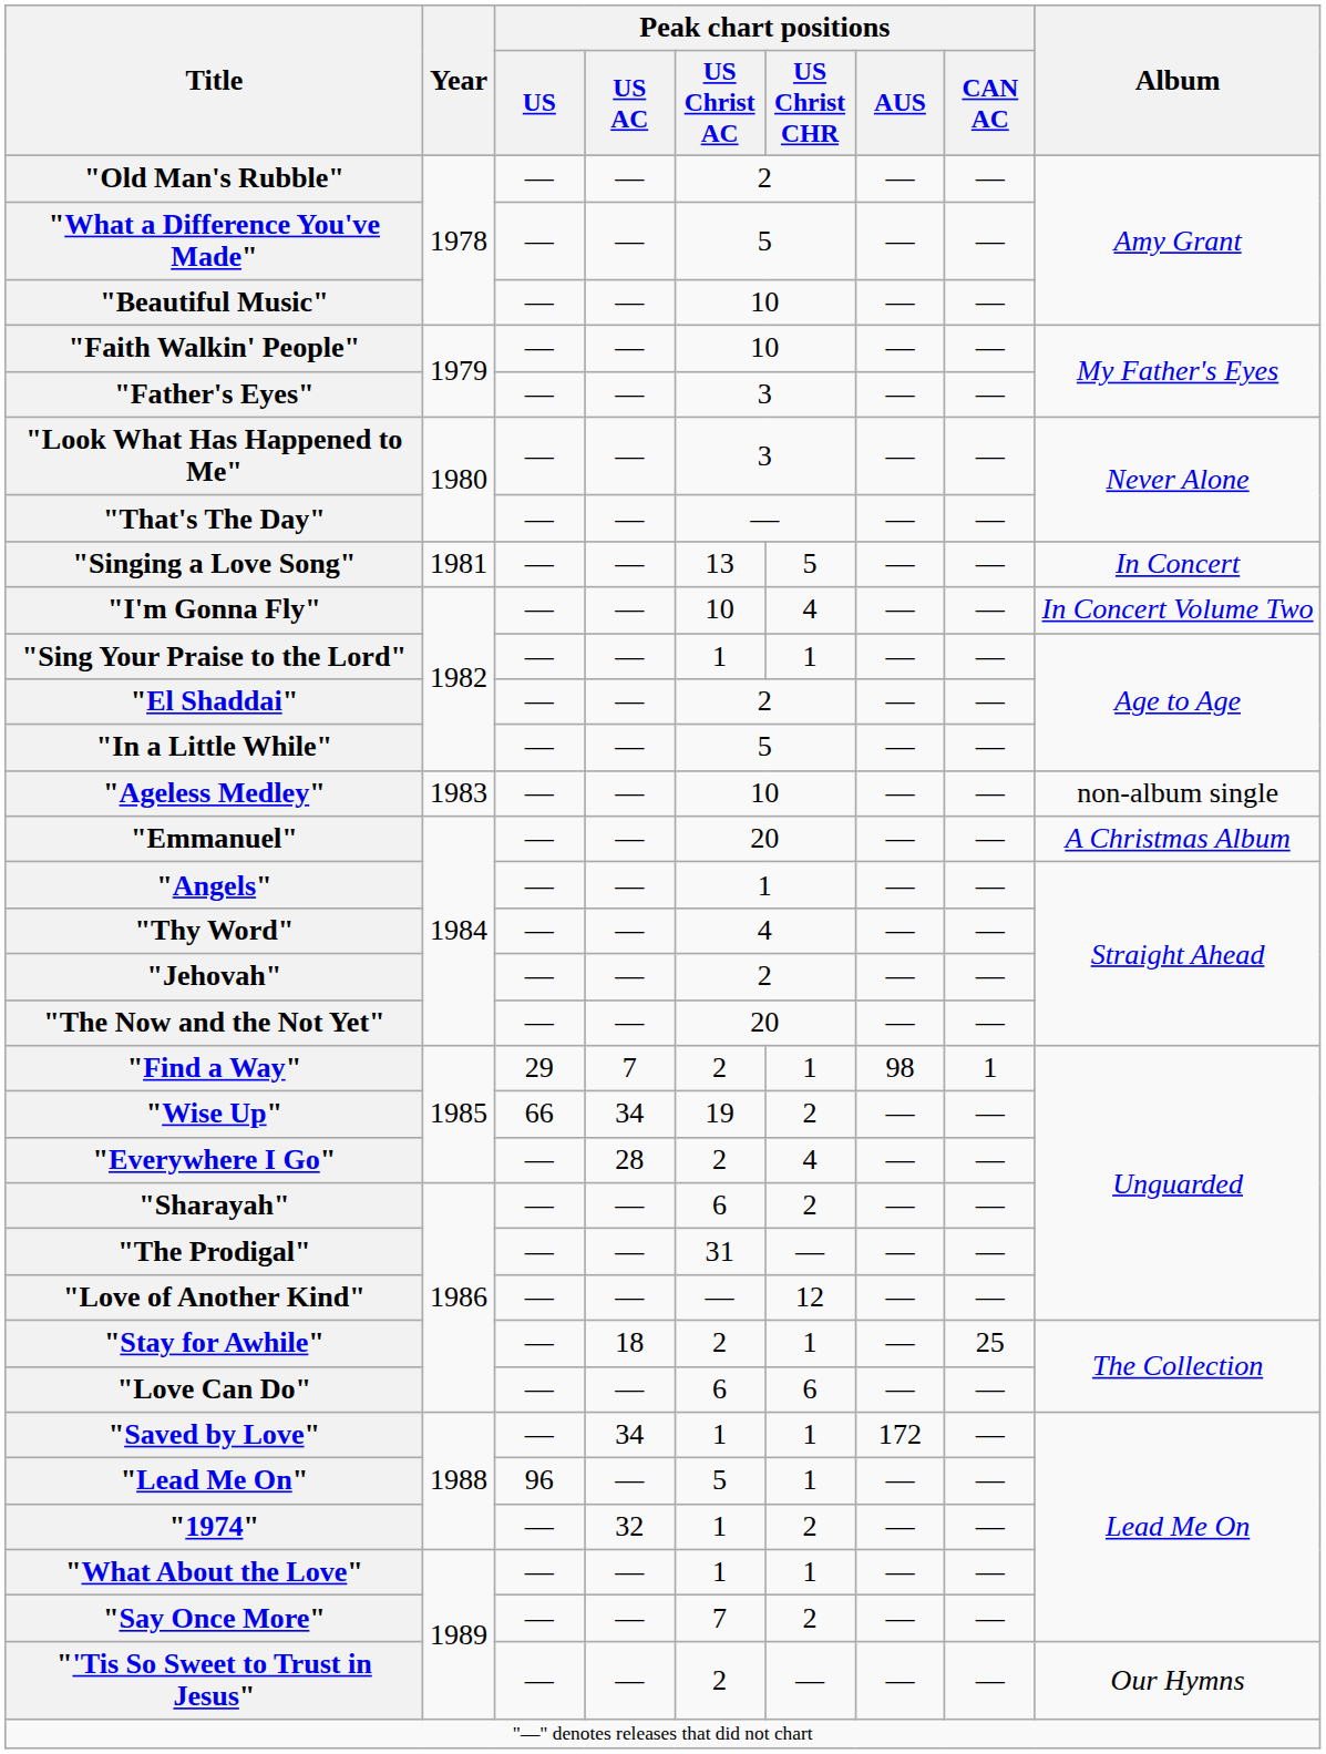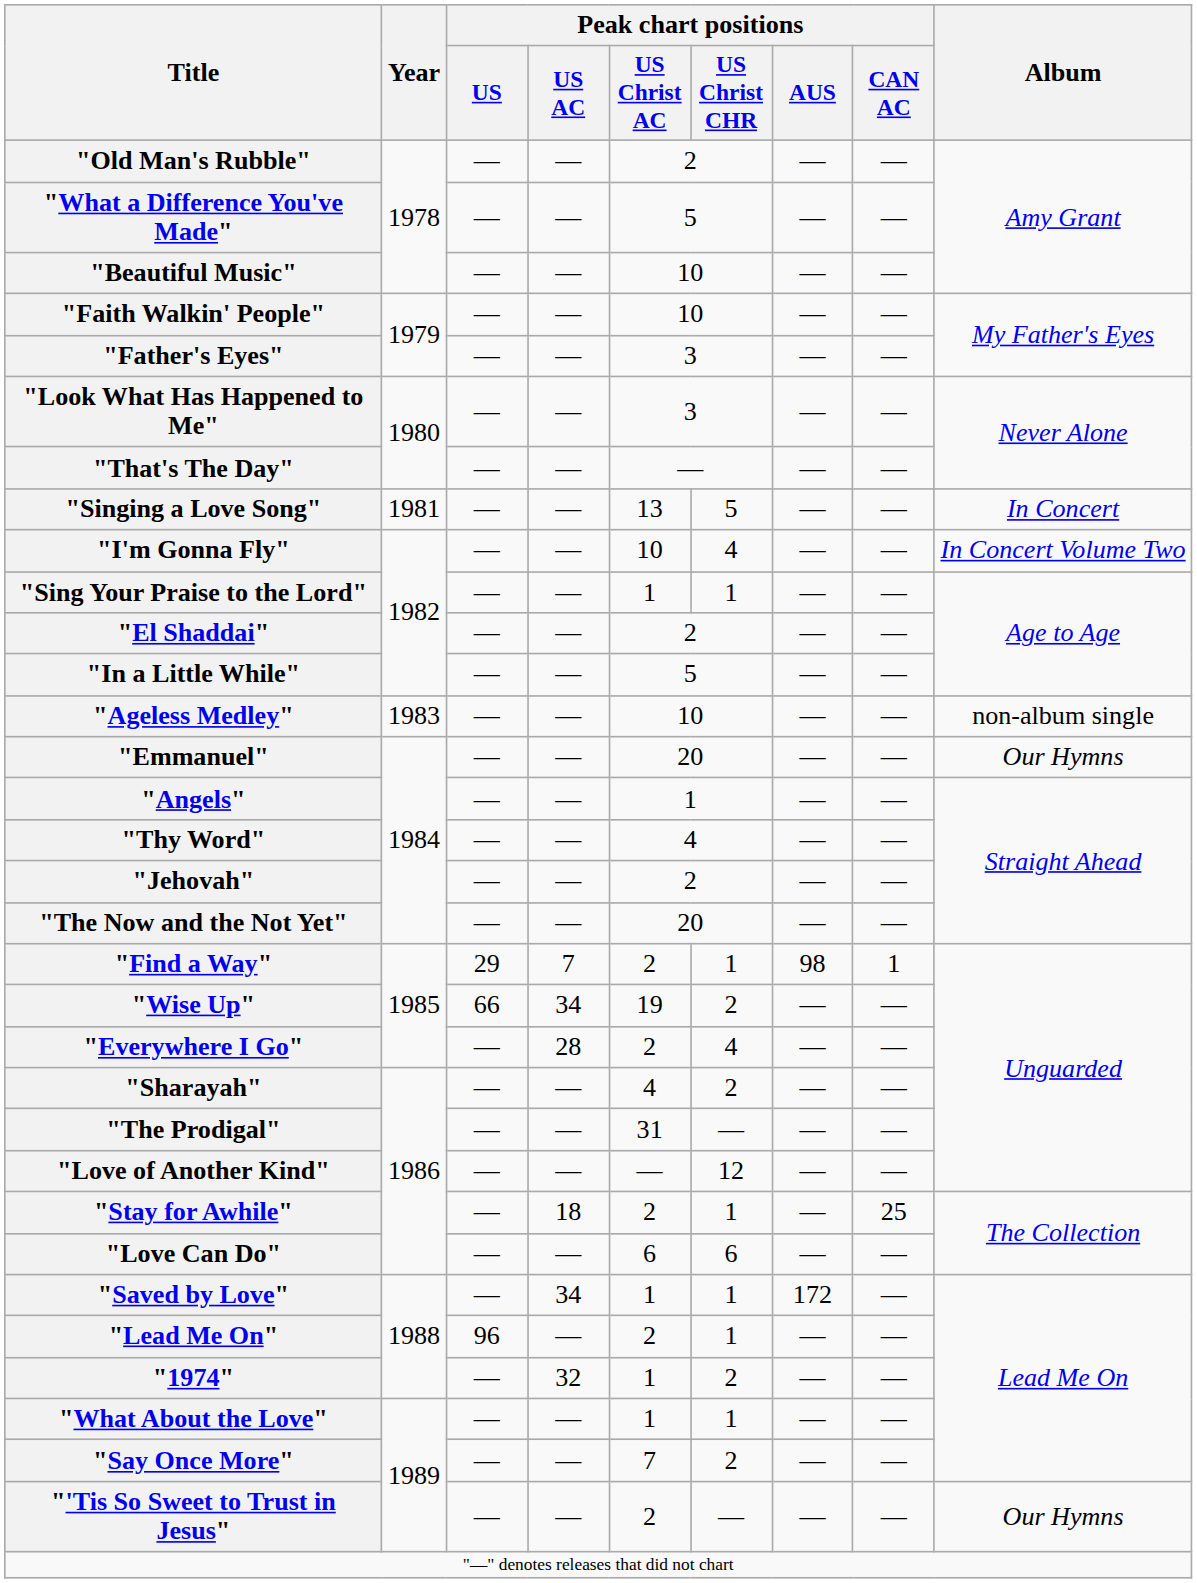 <table class="wikitable plainrowheaders" style="text-align:center;">
 <tr>
 <th scope="col" rowspan="2" style="width:14em;">Title</th>
 <th scope="col" rowspan="2" style="width:1em;">Year</th>
 <th scope="col" colspan="6">Peak chart positions</th>
 <th scope="col" rowspan="2">Album</th>
 </tr>
 <tr>
 <th style="width:3em; font-size:90%"><a href='#'>US</a><br></th>
 <th style="width:3em; font-size:90%"><a href='#'>US<br>AC</a><br></th>
 <th style="width:3em; font-size:90%"><a href='#'>US<br>Christ AC</a><br></th>
 <th style="width:3em; font-size:90%"><a href='#'>US<br>Christ CHR</a><br></th>
 <th style="width:3em; font-size:90%"><a href='#'>AUS</a><br></th>
 <th style="width:3em; font-size:90%"><a href='#'>CAN<br>AC</a><br></th>
 </tr>
 <tr>
 <th scope="row">"Old Man's Rubble"</th>
 <td rowspan="3">1978</td>
 <td>—</td>
 <td>—</td>
 <td colspan="2">2</td>
 <td>—</td>
 <td>—</td>
 <td rowspan="3"><em><a href='#'>Amy Grant</a></em></td>
 </tr>
 <tr>
 <th scope="row">"<a href='#'>What a Difference You've Made</a>"</th>
 <td>—</td>
 <td>—</td>
 <td colspan="2">5</td>
 <td>—</td>
 <td>—</td>
 </tr>
 <tr>
 <th scope="row">"Beautiful Music"</th>
 <td>—</td>
 <td>—</td>
 <td colspan="2">10</td>
 <td>—</td>
 <td>—</td>
 </tr>
 <tr>
 <th scope="row">"Faith Walkin' People"</th>
 <td rowspan="2">1979</td>
 <td>—</td>
 <td>—</td>
 <td colspan="2">10</td>
 <td>—</td>
 <td>—</td>
 <td rowspan="2"><em><a href='#'>My Father's Eyes</a></em></td>
 </tr>
 <tr>
 <th scope="row">"Father's Eyes"</th>
 <td>—</td>
 <td>—</td>
 <td colspan="2">3</td>
 <td>—</td>
 <td>—</td>
 </tr>
 <tr>
 <th scope="row">"Look What Has Happened to Me"</th>
 <td rowspan="2">1980</td>
 <td>—</td>
 <td>—</td>
 <td colspan="2">3</td>
 <td>—</td>
 <td>—</td>
 <td rowspan="2"><em><a href='#'>Never Alone</a></em></td>
 </tr>
 <tr>
 <th scope="row">"That's The Day"</th>
 <td>—</td>
 <td>—</td>
 <td colspan="2">—</td>
 <td>—</td>
 <td>—</td>
 </tr>
 <tr>
 <th scope="row">"Singing a Love Song"</th>
 <td>1981</td>
 <td>—</td>
 <td>—</td>
 <td>13</td>
 <td>5</td>
 <td>—</td>
 <td>—</td>
 <td><em><a href='#'>In Concert</a></em></td>
 </tr>
 <tr>
 <th scope="row">"I'm Gonna Fly"</th>
 <td rowspan="4">1982</td>
 <td>—</td>
 <td>—</td>
 <td>10</td>
 <td>4</td>
 <td>—</td>
 <td>—</td>
 <td><em><a href='#'>In Concert Volume Two</a></em></td>
 </tr>
 <tr>
 <th scope="row">"Sing Your Praise to the Lord"</th>
 <td>—</td>
 <td>—</td>
 <td>1</td>
 <td>1</td>
 <td>—</td>
 <td>—</td>
 <td rowspan="3"><em><a href='#'>Age to Age</a></em></td>
 </tr>
 <tr>
 <th scope="row">"<a href='#'>El Shaddai</a>"</th>
 <td>—</td>
 <td>—</td>
 <td colspan="2">2</td>
 <td>—</td>
 <td>—</td>
 </tr>
 <tr>
 <th scope="row">"In a Little While"</th>
 <td>—</td>
 <td>—</td>
 <td colspan="2">5</td>
 <td>—</td>
 <td>—</td>
 </tr>
 <tr>
 <th scope="row">"<a href='#'>Ageless Medley</a>"</th>
 <td>1983</td>
 <td>—</td>
 <td>—</td>
 <td colspan="2">10</td>
 <td>—</td>
 <td>—</td>
 <td>non-album single</td>
 </tr>
 <tr>
 <th scope="row">"Emmanuel"</th>
 <td rowspan="5">1984</td>
 <td>—</td>
 <td>—</td>
 <td colspan="2">20</td>
 <td>—</td>
 <td>—</td>
-<td><em><a href='#'>A Christmas Album</a></em></td>
+<td><em>Our Hymns</em></td>
 </tr>
 <tr>
 <th scope="row">"<a href='#'>Angels</a>"</th>
 <td>—</td>
 <td>—</td>
 <td colspan="2">1</td>
 <td>—</td>
 <td>—</td>
 <td rowspan="4"><em><a href='#'>Straight Ahead</a></em></td>
 </tr>
 <tr>
 <th scope="row">"Thy Word"</th>
 <td>—</td>
 <td>—</td>
 <td colspan="2">4</td>
 <td>—</td>
 <td>—</td>
 </tr>
 <tr>
 <th scope="row">"Jehovah"</th>
 <td>—</td>
 <td>—</td>
 <td colspan="2">2</td>
 <td>—</td>
 <td>—</td>
 </tr>
 <tr>
 <th scope="row">"The Now and the Not Yet"</th>
 <td>—</td>
 <td>—</td>
 <td colspan="2">20</td>
 <td>—</td>
 <td>—</td>
 </tr>
 <tr>
 <th scope="row">"<a href='#'>Find a Way</a>"</th>
 <td rowspan="3">1985</td>
 <td>29</td>
 <td>7</td>
 <td>2</td>
 <td>1</td>
 <td>98</td>
 <td>1</td>
 <td rowspan="6"><em><a href='#'>Unguarded</a></em></td>
 </tr>
 <tr>
 <th scope="row">"<a href='#'>Wise Up</a>"</th>
 <td>66</td>
 <td>34</td>
 <td>19</td>
 <td>2</td>
 <td>—</td>
 <td>—</td>
 </tr>
 <tr>
 <th scope="row">"<a href='#'>Everywhere I Go</a>"</th>
 <td>—</td>
 <td>28</td>
 <td>2</td>
 <td>4</td>
 <td>—</td>
 <td>—</td>
 </tr>
 <tr>
 <th scope="row">"Sharayah"</th>
 <td rowspan="5">1986</td>
 <td>—</td>
 <td>—</td>
-<td>6</td>
+<td>4</td>
 <td>2</td>
 <td>—</td>
 <td>—</td>
 </tr>
 <tr>
 <th scope="row">"The Prodigal"</th>
 <td>—</td>
 <td>—</td>
 <td>31</td>
 <td>—</td>
 <td>—</td>
 <td>—</td>
 </tr>
 <tr>
 <th scope="row">"Love of Another Kind"</th>
 <td>—</td>
 <td>—</td>
 <td>—</td>
 <td>12</td>
 <td>—</td>
 <td>—</td>
 </tr>
 <tr>
 <th scope="row">"<a href='#'>Stay for Awhile</a>"</th>
 <td>—</td>
 <td>18</td>
 <td>2</td>
 <td>1</td>
 <td>—</td>
 <td>25</td>
 <td rowspan="2"><em><a href='#'>The Collection</a></em></td>
 </tr>
 <tr>
 <th scope="row">"Love Can Do"</th>
 <td>—</td>
 <td>—</td>
 <td>6</td>
 <td>6</td>
 <td>—</td>
 <td>—</td>
 </tr>
 <tr>
 <th scope="row">"<a href='#'>Saved by Love</a>"</th>
 <td rowspan="3">1988</td>
 <td>—</td>
 <td>34</td>
 <td>1</td>
 <td>1</td>
 <td>172</td>
 <td>—</td>
 <td rowspan="5"><em><a href='#'>Lead Me On</a></em></td>
 </tr>
 <tr>
 <th scope="row">"<a href='#'>Lead Me On</a>"</th>
 <td>96</td>
 <td>—</td>
-<td>5</td>
+<td>2</td>
 <td>1</td>
 <td>—</td>
 <td>—</td>
 </tr>
 <tr>
 <th scope="row">"<a href='#'>1974</a>"</th>
 <td>—</td>
 <td>32</td>
 <td>1</td>
 <td>2</td>
 <td>—</td>
 <td>—</td>
 </tr>
 <tr>
 <th scope="row">"<a href='#'>What About the Love</a>"</th>
 <td rowspan="3">1989</td>
 <td>—</td>
 <td>—</td>
 <td>1</td>
 <td>1</td>
 <td>—</td>
 <td>—</td>
 </tr>
 <tr>
 <th scope="row">"<a href='#'>Say Once More</a>"</th>
 <td>—</td>
 <td>—</td>
 <td>7</td>
 <td>2</td>
 <td>—</td>
 <td>—</td>
 </tr>
 <tr>
 <th scope="row">"<a href='#'>'Tis So Sweet to Trust in Jesus</a>"</th>
 <td>—</td>
 <td>—</td>
 <td>2</td>
 <td>—</td>
 <td>—</td>
 <td>—</td>
 <td><em>Our Hymns</em></td>
 </tr>
 <tr>
 <td colspan="12" style="font-size:8pt">"—" denotes releases that did not chart</td>
 </tr>
 </table>
